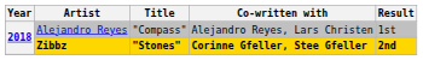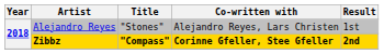 <table class="wikitable plainrowheaders">
 <tr>
 <th scope="col">Year</th>
 <th scope="col">Artist</th>
 <th scope="col">Title</th>
 <th scope="col">Co-written with</th>
 <th scope="col">Result</th>
 </tr>
 <tr bgcolor="silver">
 <th scope="row" rowspan="2"><a href='#'>2018</a></th>
 <td><a href='#'>Alejandro Reyes</a></td>
-<td>"Compass"</td>
+<td>"Stones"</td>
 <td>Alejandro Reyes, Lars Christen</td>
 <td>1st</td>
 </tr>
 <tr bgcolor="gold" style="font-weight:bold;">
 <td>Zibbz</td>
-<td>"Stones"</td>
+<td>"Compass"</td>
 <td>Corinne Gfeller, Stee Gfeller</td>
 <td>2nd</td>
 </tr>
 <tr>
 </tr>
 </table>
